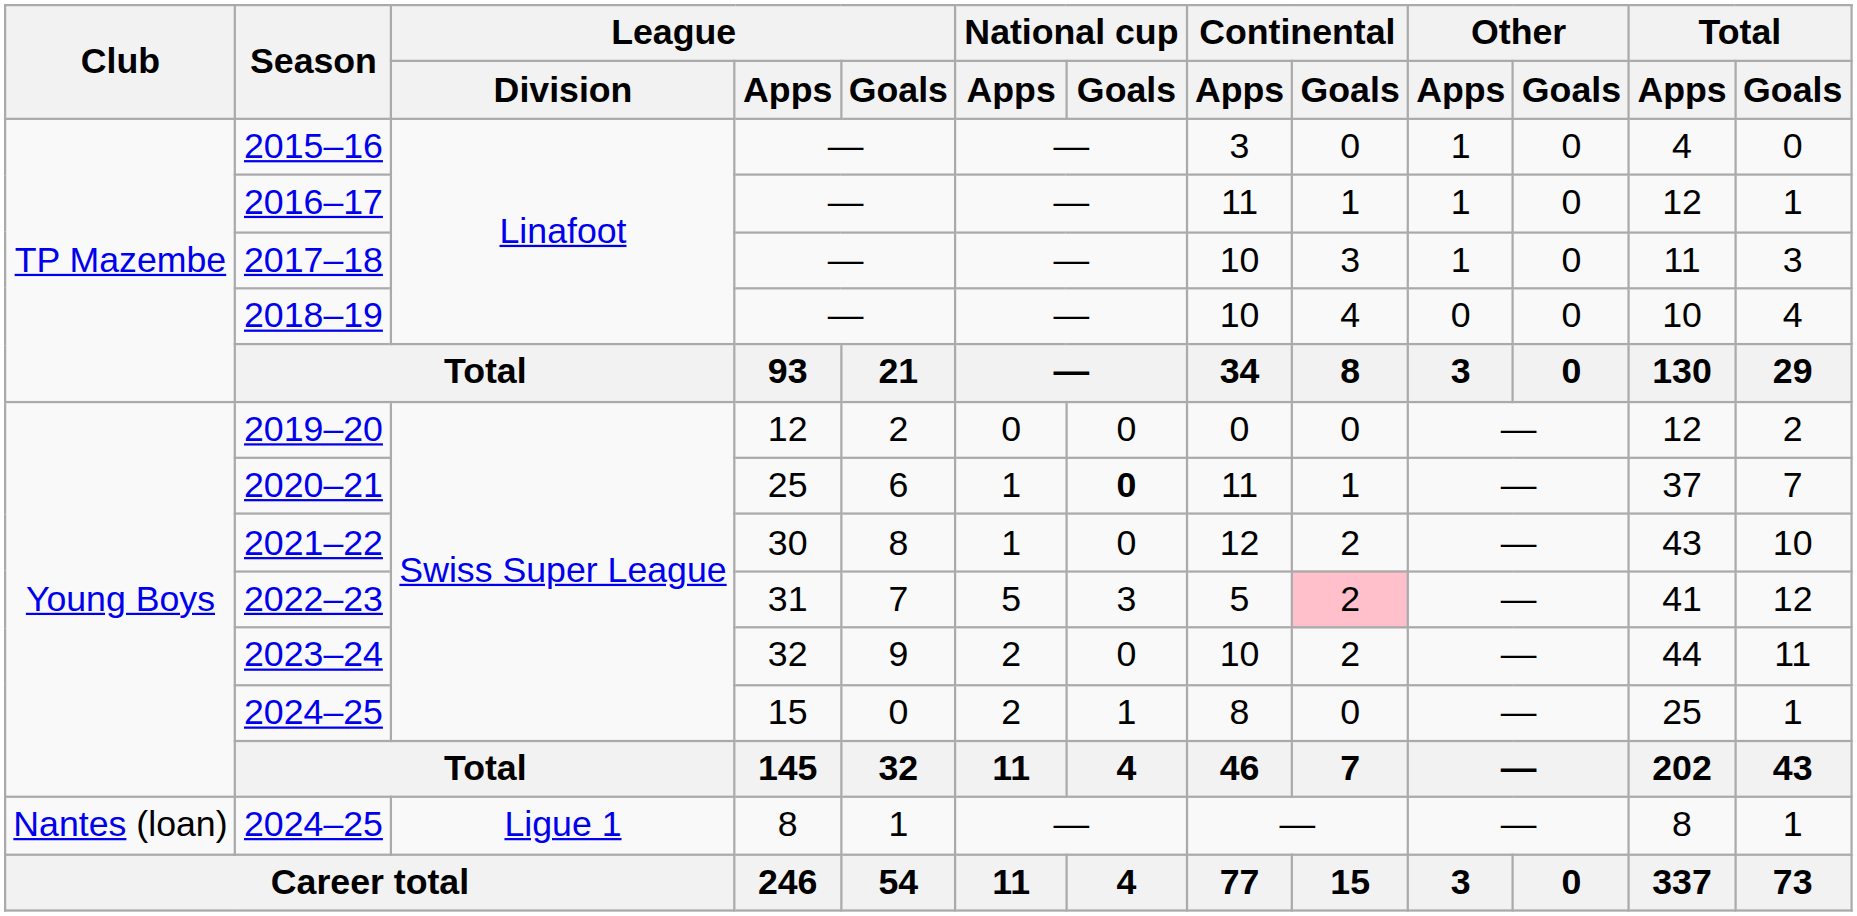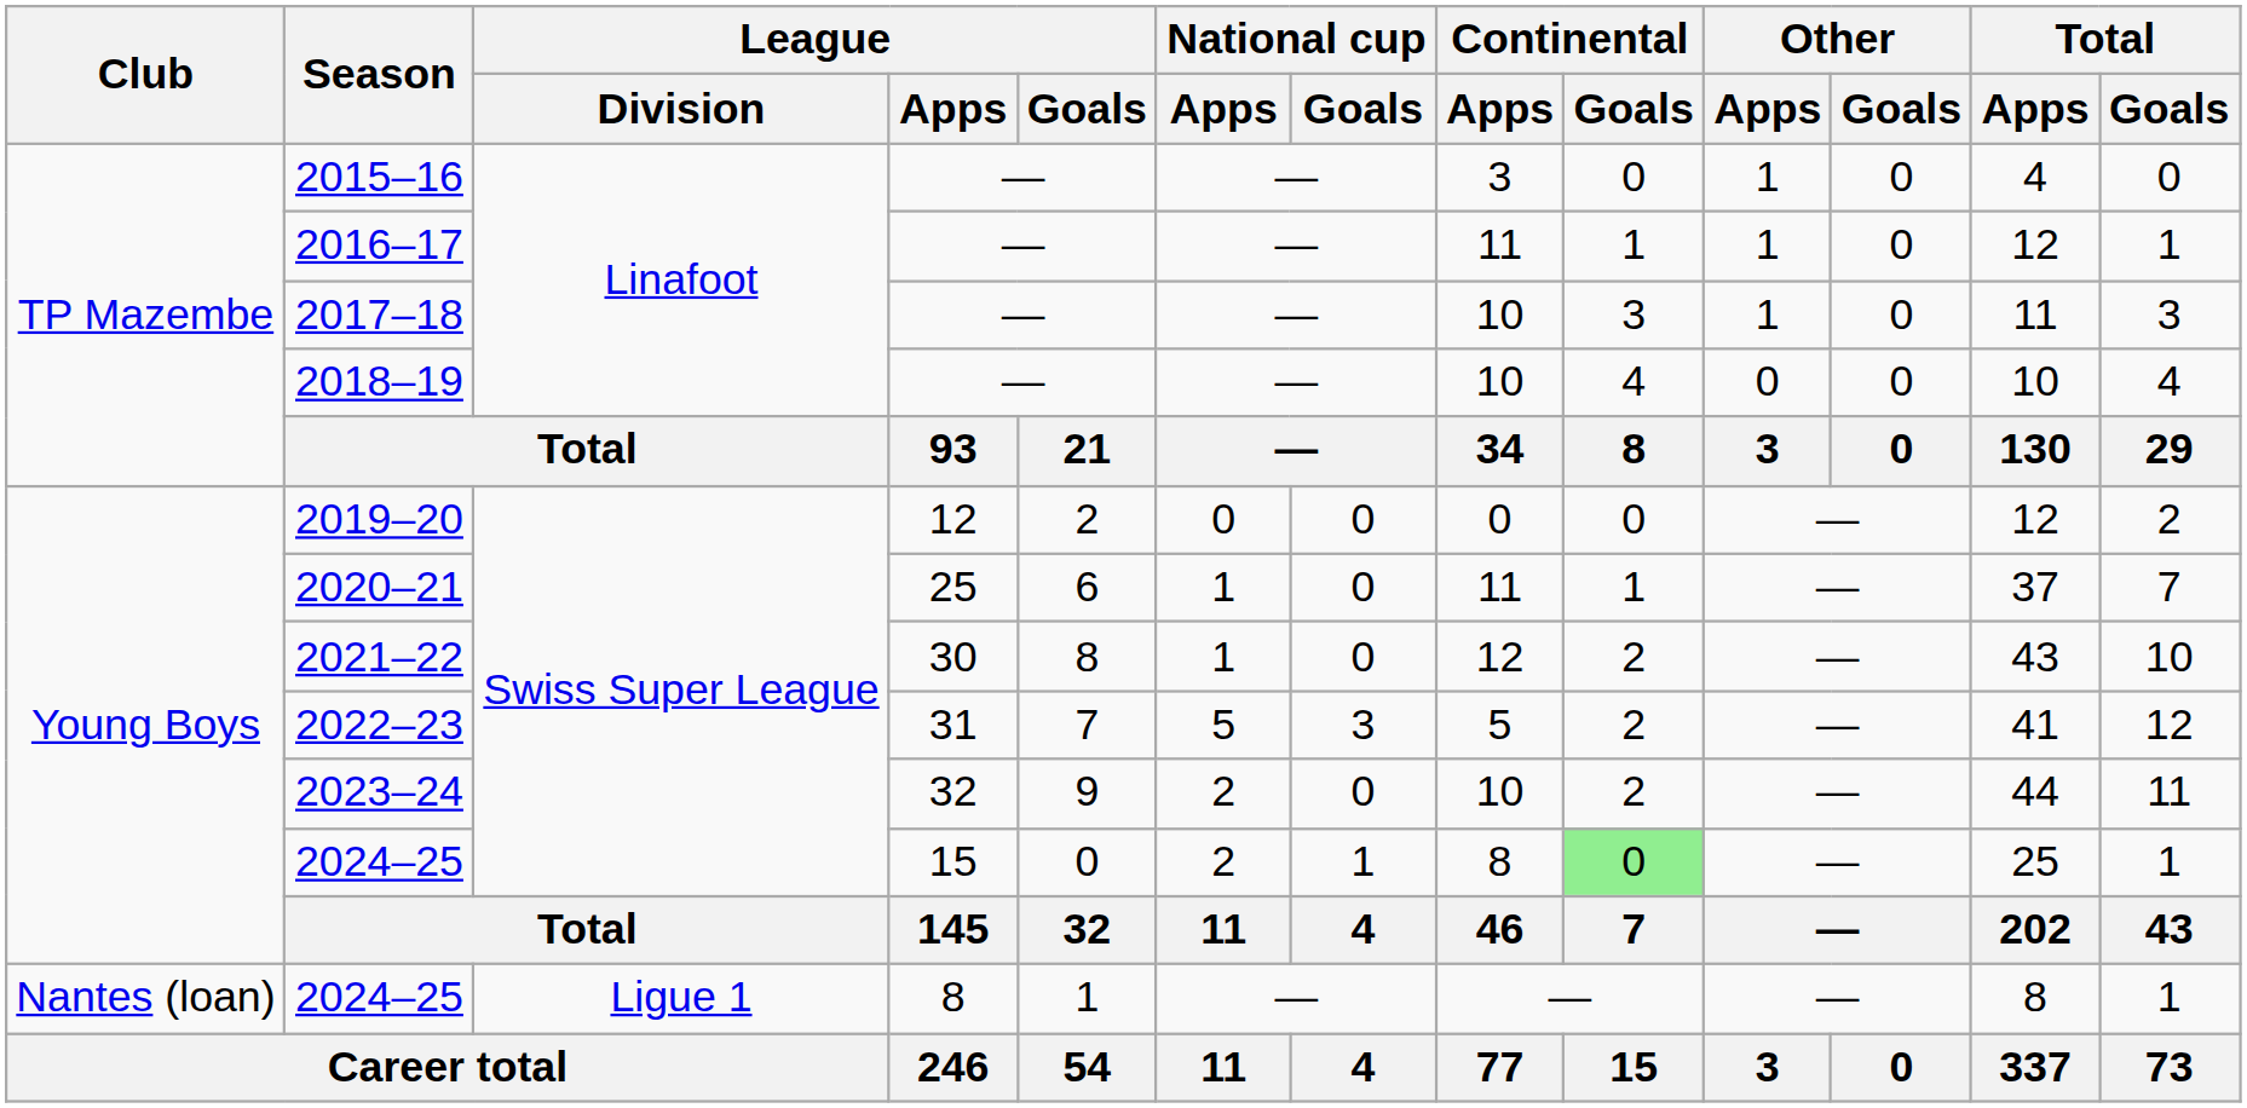 <table class="wikitable" style="text-align:center">
 <tr>
 <th rowspan="2">Club</th>
 <th rowspan="2">Season</th>
 <th colspan="3">League</th>
 <th colspan="2">National cup</th>
 <th colspan="2">Continental</th>
 <th colspan="2">Other</th>
 <th colspan="2">Total</th>
 </tr>
 <tr>
 <th>Division</th>
 <th>Apps</th>
 <th>Goals</th>
 <th>Apps</th>
 <th>Goals</th>
 <th>Apps</th>
 <th>Goals</th>
 <th>Apps</th>
 <th>Goals</th>
 <th>Apps</th>
 <th>Goals</th>
 </tr>
 <tr>
 <td rowspan="5"><a href='#'>TP Mazembe</a></td>
 <td><a href='#'>2015–16</a></td>
 <td rowspan="4"><a href='#'>Linafoot</a></td>
 <td colspan=2>—</td>
 <td colspan=2>—</td>
 <td>3</td>
 <td>0</td>
 <td>1</td>
 <td>0</td>
 <td>4</td>
 <td>0</td>
 </tr>
 <tr>
 <td><a href='#'>2016–17</a></td>
 <td colspan=2>—</td>
 <td colspan=2>—</td>
 <td>11</td>
 <td>1</td>
 <td>1</td>
 <td>0</td>
 <td>12</td>
 <td>1</td>
 </tr>
 <tr>
 <td><a href='#'>2017–18</a></td>
 <td colspan=2>—</td>
 <td colspan=2>—</td>
 <td>10</td>
 <td>3</td>
 <td>1</td>
 <td>0</td>
 <td>11</td>
 <td>3</td>
 </tr>
 <tr>
 <td><a href='#'>2018–19</a></td>
 <td colspan=2>—</td>
 <td colspan=2>—</td>
 <td>10</td>
 <td>4</td>
 <td>0</td>
 <td>0</td>
 <td>10</td>
 <td>4</td>
 </tr>
 <tr>
 <th colspan="2">Total</th>
 <th>93</th>
 <th>21</th>
 <th colspan=2>—</th>
 <th>34</th>
 <th>8</th>
 <th>3</th>
 <th>0</th>
 <th>130</th>
 <th>29</th>
 </tr>
 <tr>
 <td rowspan="7"><a href='#'>Young Boys</a></td>
 <td><a href='#'>2019–20</a></td>
 <td rowspan="6"><a href='#'>Swiss Super League</a></td>
 <td>12</td>
 <td>2</td>
 <td>0</td>
 <td>0</td>
 <td>0</td>
 <td>0</td>
 <td colspan=2>—</td>
 <td>12</td>
 <td>2</td>
 </tr>
 <tr>
 <td><a href='#'>2020–21</a></td>
 <td>25</td>
 <td>6</td>
 <td>1</td>
-<td><strong>0</strong></td>
+<td>0</td>
 <td>11</td>
 <td>1</td>
 <td colspan=2>—</td>
 <td>37</td>
 <td>7</td>
 </tr>
 <tr>
 <td><a href='#'>2021–22</a></td>
 <td>30</td>
 <td>8</td>
 <td>1</td>
 <td>0</td>
 <td>12</td>
 <td>2</td>
 <td colspan=2>—</td>
 <td>43</td>
 <td>10</td>
 </tr>
 <tr>
 <td><a href='#'>2022–23</a></td>
 <td>31</td>
 <td>7</td>
 <td>5</td>
 <td>3</td>
 <td>5</td>
-<td style="background: pink;">2</td>
+<td>2</td>
 <td colspan=2>—</td>
 <td>41</td>
 <td>12</td>
 </tr>
 <tr>
 <td><a href='#'>2023–24</a></td>
 <td>32</td>
 <td>9</td>
 <td>2</td>
 <td>0</td>
 <td>10</td>
 <td>2</td>
 <td colspan=2>—</td>
 <td>44</td>
 <td>11</td>
 </tr>
 <tr>
 <td><a href='#'>2024–25</a></td>
 <td>15</td>
 <td>0</td>
 <td>2</td>
 <td>1</td>
 <td>8</td>
-<td>0</td>
+<td style="background: lightgreen;">0</td>
 <td colspan=2>—</td>
 <td>25</td>
 <td>1</td>
 </tr>
 <tr>
 <th colspan="2">Total</th>
 <th>145</th>
 <th>32</th>
 <th>11</th>
 <th>4</th>
 <th>46</th>
 <th>7</th>
 <th colspan=2>—</th>
 <th>202</th>
 <th>43</th>
 </tr>
 <tr>
 <td><a href='#'>Nantes</a> (loan)</td>
 <td><a href='#'>2024–25</a></td>
 <td><a href='#'>Ligue 1</a></td>
 <td>8</td>
 <td>1</td>
 <td colspan=2>—</td>
 <td colspan=2>—</td>
 <td colspan=2>—</td>
 <td>8</td>
 <td>1</td>
 </tr>
 <tr>
 <th colspan="3">Career total</th>
 <th>246</th>
 <th>54</th>
 <th>11</th>
 <th>4</th>
 <th>77</th>
 <th>15</th>
 <th>3</th>
 <th>0</th>
 <th>337</th>
 <th>73</th>
 </tr>
 </table>
